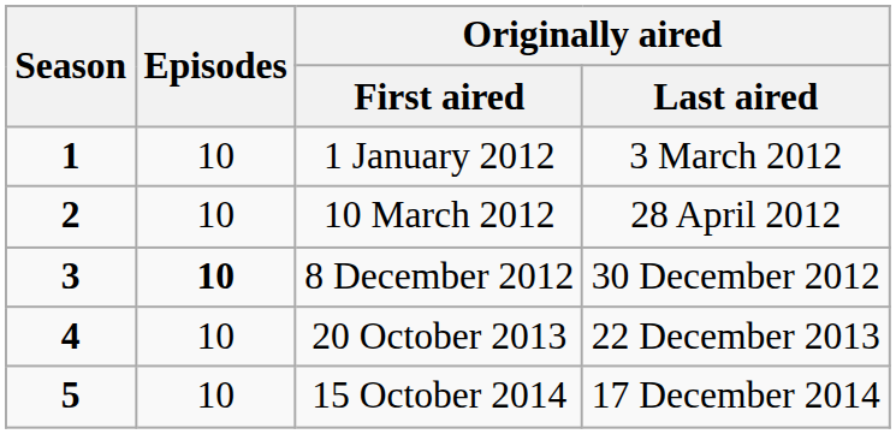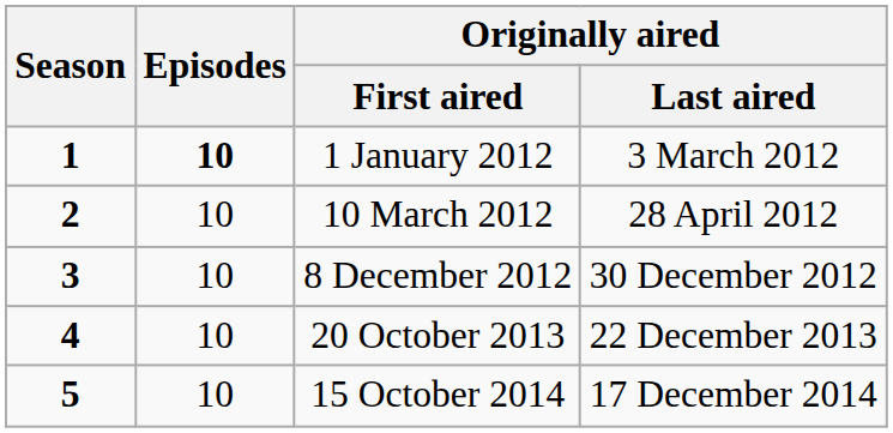 <table class="wikitable plainrowheaders" style="text-align:center;">
 <tr>
 <th rowspan="2">Season</th>
 <th rowspan="2">Episodes</th>
 <th colspan="2">Originally aired</th>
 </tr>
 <tr>
 <th>First aired</th>
 <th>Last aired</th>
 </tr>
 <tr>
 <td><strong>1</strong></td>
-<td>10</td>
+<td><strong>10</strong></td>
 <td>1 January 2012</td>
 <td>3 March 2012</td>
 </tr>
 <tr>
 <td><strong>2</strong></td>
 <td>10</td>
 <td>10 March 2012</td>
 <td>28 April 2012</td>
 </tr>
 <tr>
 <td><strong>3</strong></td>
-<td><strong>10</strong></td>
+<td>10</td>
 <td>8 December 2012</td>
 <td>30 December 2012</td>
 </tr>
 <tr>
 <td><strong>4</strong></td>
 <td>10</td>
 <td>20 October 2013</td>
 <td>22 December 2013</td>
 </tr>
 <tr>
 <td><strong>5</strong></td>
 <td>10</td>
 <td>15 October 2014</td>
 <td>17 December 2014</td>
 </tr>
 </table>
